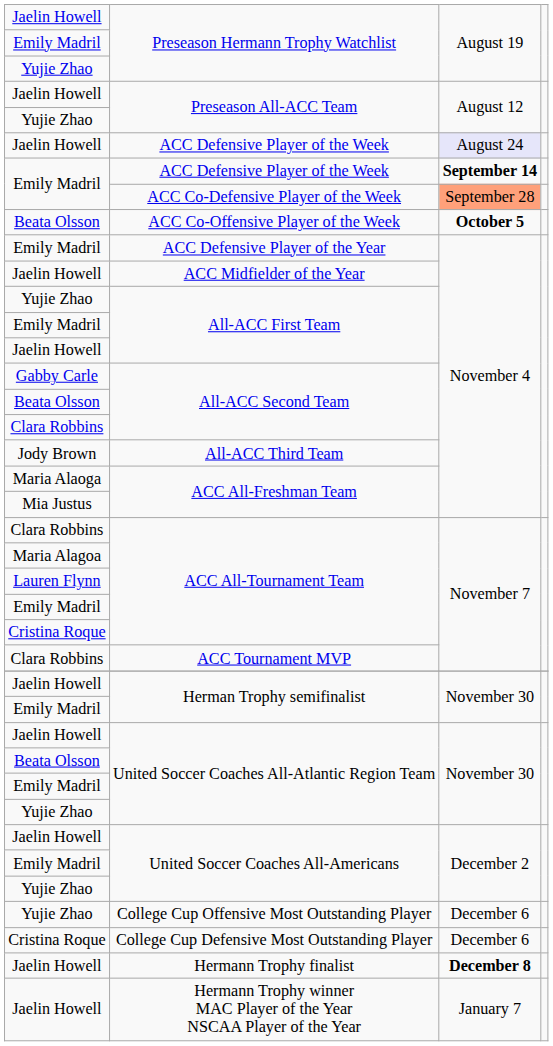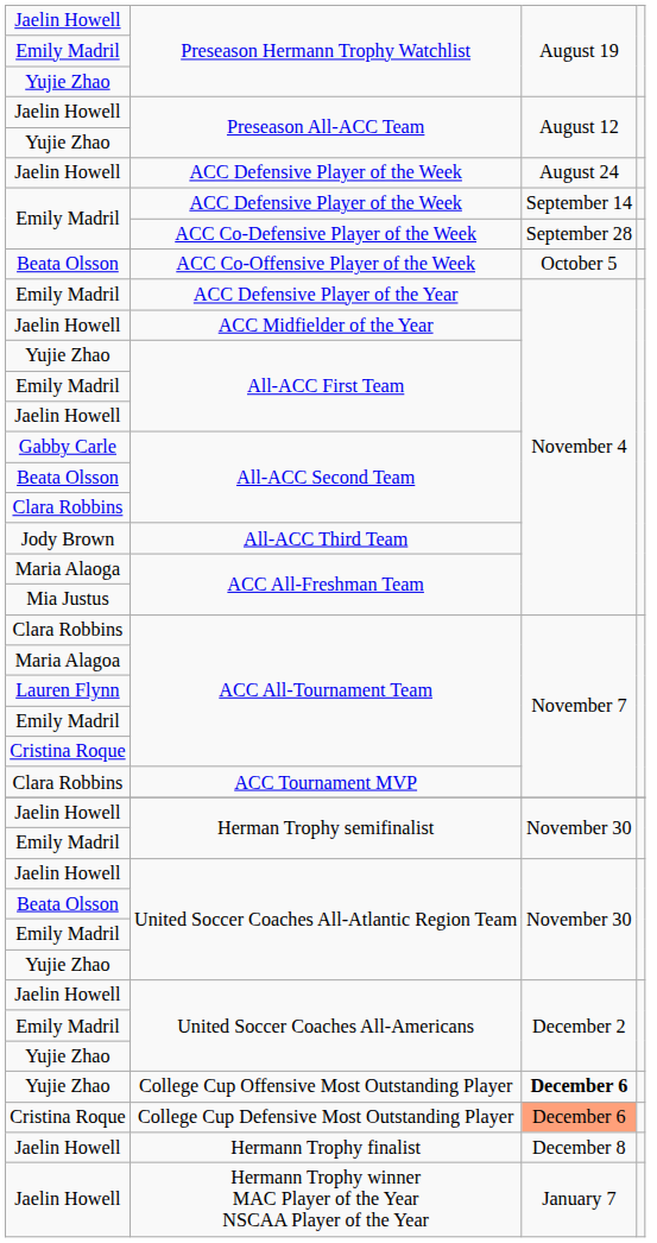 <table class="wikitable sortable" style="text-align: center">
 <tr>
 <td><a href='#'>Jaelin Howell</a></td>
 <td rowspan=3><a href='#'>Preseason Hermann Trophy Watchlist</a></td>
 <td rowspan=3>August 19</td>
 <td rowspan=3></td>
 </tr>
 <tr>
 <td><a href='#'>Emily Madril</a></td>
 </tr>
 <tr>
 <td><a href='#'>Yujie Zhao</a></td>
 </tr>
 <tr>
 <td>Jaelin Howell</td>
 <td rowspan=2><a href='#'>Preseason All-ACC Team</a></td>
 <td rowspan=2>August 12</td>
 <td rowspan=2></td>
 </tr>
 <tr>
 <td>Yujie Zhao</td>
 </tr>
 <tr>
 <td>Jaelin Howell</td>
 <td><a href='#'>ACC Defensive Player of the Week</a></td>
-<td style="background: lavender;">August 24</td>
+<td>August 24</td>
 <td></td>
 </tr>
 <tr>
 <td rowspan=2>Emily Madril</td>
 <td><a href='#'>ACC Defensive Player of the Week</a></td>
-<td><strong>September 14</strong></td>
+<td>September 14</td>
 <td></td>
 </tr>
 <tr>
 <td><a href='#'>ACC Co-Defensive Player of the Week</a></td>
-<td style="background: lightsalmon;">September 28</td>
+<td>September 28</td>
 <td></td>
 </tr>
 <tr>
 <td><a href='#'>Beata Olsson</a></td>
 <td><a href='#'>ACC Co-Offensive Player of the Week</a></td>
-<td><strong>October 5</strong></td>
+<td>October 5</td>
 <td></td>
 </tr>
 <tr>
 <td>Emily Madril</td>
 <td><a href='#'>ACC Defensive Player of the Year</a></td>
 <td rowspan=11>November 4</td>
 <td rowspan=11></td>
 </tr>
 <tr>
 <td>Jaelin Howell</td>
 <td><a href='#'>ACC Midfielder of the Year</a></td>
 </tr>
 <tr>
 <td>Yujie Zhao</td>
 <td rowspan=3><a href='#'>All-ACC First Team</a></td>
 </tr>
 <tr>
 <td>Emily Madril</td>
 </tr>
 <tr>
 <td>Jaelin Howell</td>
 </tr>
 <tr>
 <td><a href='#'>Gabby Carle</a></td>
 <td rowspan=3><a href='#'>All-ACC Second Team</a></td>
 </tr>
 <tr>
 <td><a href='#'>Beata Olsson</a></td>
 </tr>
 <tr>
 <td><a href='#'>Clara Robbins</a></td>
 </tr>
 <tr>
 <td>Jody Brown</td>
 <td><a href='#'>All-ACC Third Team</a></td>
 </tr>
 <tr>
 <td>Maria Alaoga</td>
 <td rowspan=2><a href='#'>ACC All-Freshman Team</a></td>
 </tr>
 <tr>
 <td>Mia Justus</td>
 </tr>
 <tr>
 <td>Clara Robbins</td>
 <td rowspan=5><a href='#'>ACC All-Tournament Team</a></td>
 <td rowspan=6>November 7</td>
 <td rowspan=6></td>
 </tr>
 <tr>
 <td>Maria Alagoa</td>
 </tr>
 <tr>
 <td><a href='#'>Lauren Flynn</a></td>
 </tr>
 <tr>
 <td>Emily Madril</td>
 </tr>
 <tr>
 <td><a href='#'>Cristina Roque</a></td>
 </tr>
 <tr>
 <td>Clara Robbins</td>
 <td><a href='#'>ACC Tournament MVP</a></td>
 </tr>
 <tr>
 </tr>
 <tr>
 <td>Jaelin Howell</td>
 <td rowspan=2>Herman Trophy semifinalist</td>
 <td rowspan=2>November 30</td>
 <td rowspan=2></td>
 </tr>
 <tr>
 <td>Emily Madril</td>
 </tr>
 <tr>
 <td>Jaelin Howell</td>
 <td rowspan=4>United Soccer Coaches All-Atlantic Region Team</td>
 <td rowspan=4>November 30</td>
 <td rowspan=4></td>
 </tr>
 <tr>
 <td><a href='#'>Beata Olsson</a></td>
 </tr>
 <tr>
 <td>Emily Madril</td>
 </tr>
 <tr>
 <td>Yujie Zhao</td>
 </tr>
 <tr>
 <td>Jaelin Howell</td>
 <td rowspan=3>United Soccer Coaches All-Americans</td>
 <td rowspan=3>December 2</td>
 <td rowspan=3></td>
 </tr>
 <tr>
 <td>Emily Madril</td>
 </tr>
 <tr>
 <td>Yujie Zhao</td>
 </tr>
 <tr>
 <td>Yujie Zhao</td>
 <td>College Cup Offensive Most Outstanding Player</td>
-<td>December 6</td>
+<td><strong>December 6</strong></td>
 <td></td>
 </tr>
 <tr>
 <td>Cristina Roque</td>
 <td>College Cup Defensive Most Outstanding Player</td>
-<td>December 6</td>
+<td style="background: lightsalmon;">December 6</td>
 <td></td>
 </tr>
 <tr>
 <td>Jaelin Howell</td>
 <td>Hermann Trophy finalist</td>
-<td><strong>December 8</strong></td>
+<td>December 8</td>
 <td></td>
 </tr>
 <tr>
 <td>Jaelin Howell</td>
 <td>Hermann Trophy winner<br>MAC Player of the Year<br>NSCAA Player of the Year</td>
 <td>January 7</td>
 <td></td>
 </tr>
 </table>
